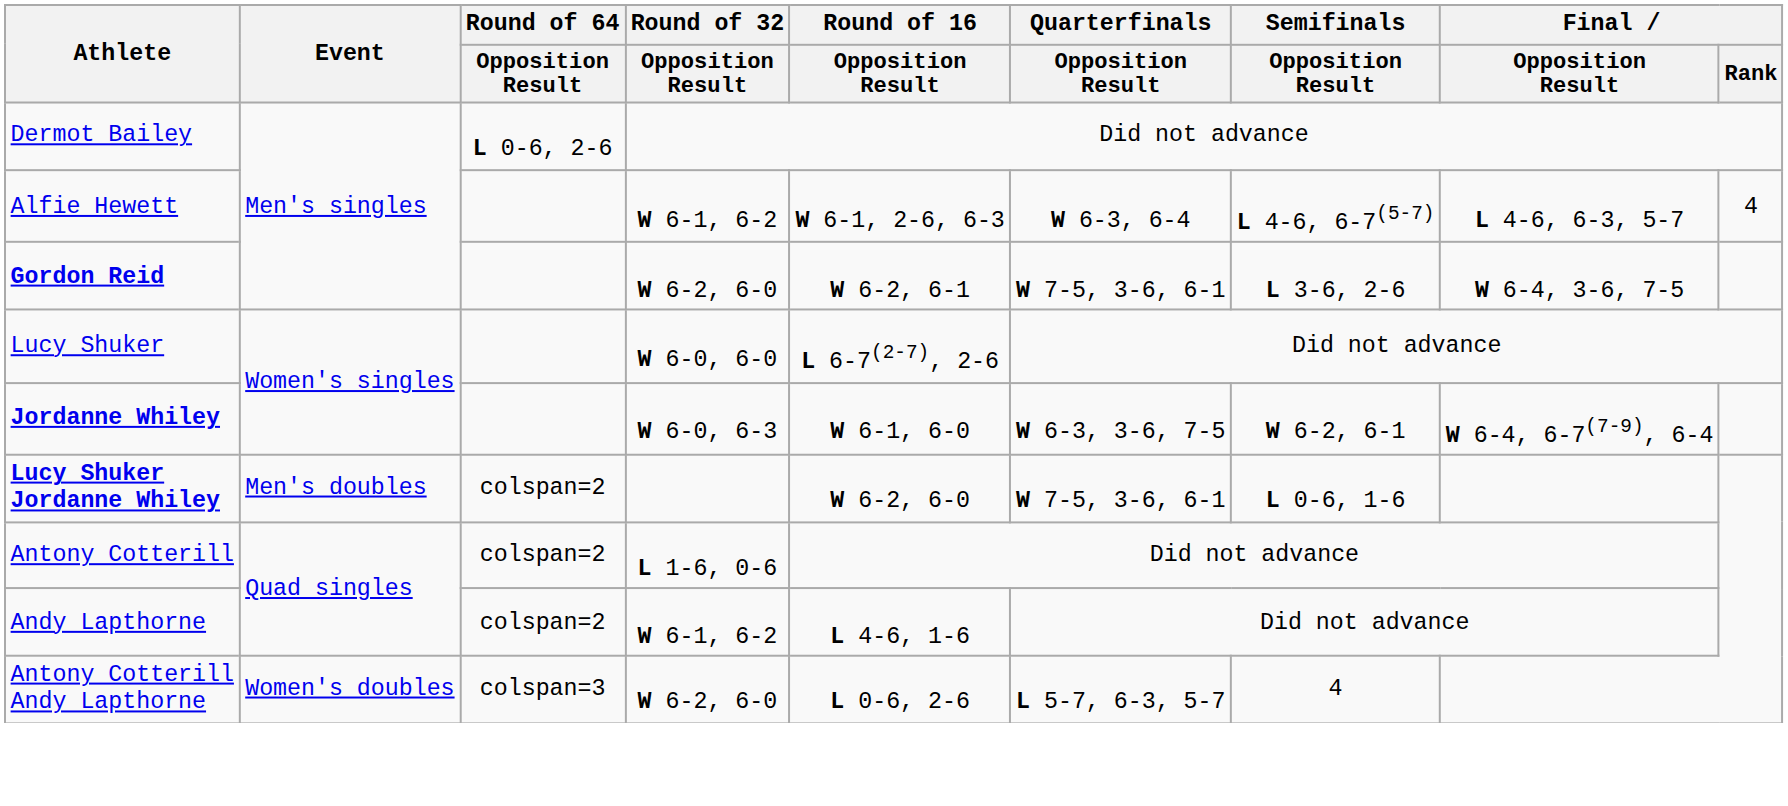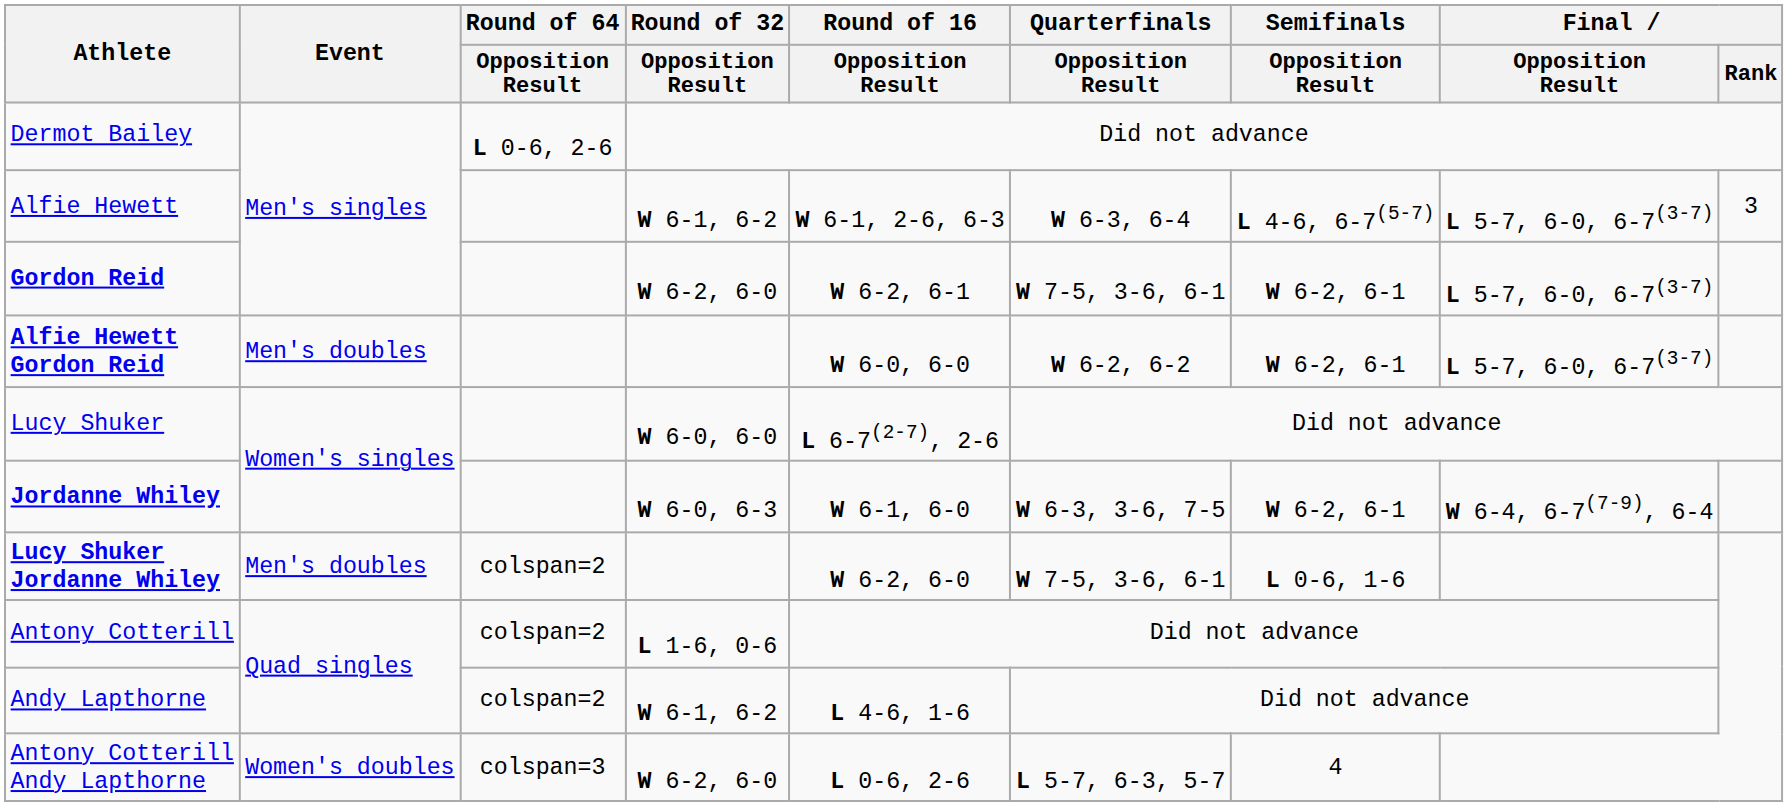 <table class="wikitable" style="font-size:90%;">
 <tr>
 <th rowspan=2>Athlete</th>
 <th rowspan=2>Event</th>
 <th>Round of 64</th>
 <th>Round of 32</th>
 <th>Round of 16</th>
 <th>Quarterfinals</th>
 <th>Semifinals</th>
 <th colspan=2>Final / </th>
 </tr>
 <tr style="font-size:95%">
 <th>Opposition<br>Result</th>
 <th>Opposition<br>Result</th>
 <th>Opposition<br>Result</th>
 <th>Opposition<br>Result</th>
 <th>Opposition<br>Result</th>
 <th>Opposition<br>Result</th>
 <th>Rank</th>
 </tr>
 <tr align=center>
 <td align=left><a href='#'>Dermot Bailey</a></td>
 <td rowspan=3 align=left><a href='#'>Men's singles</a></td>
 <td><br> <strong>L</strong> 0-6, 2-6</td>
 <td colspan=6>Did not advance</td>
 </tr>
 <tr align=center>
 <td align=left><a href='#'>Alfie Hewett</a></td>
 <td></td>
 <td><br> <strong>W</strong> 6-1, 6-2</td>
 <td><br> <strong>W</strong> 6-1, 2-6, 6-3</td>
 <td><br> <strong>W</strong> 6-3, 6-4</td>
 <td><br> <strong>L</strong> 4-6, 6-7<sup>(5-7)</sup></td>
-<td><br> <strong>L</strong> 4-6, 6-3, 5-7</td>
-<td>4</td>
+<td><br> <strong>L</strong> 5-7, 6-0, 6-7<sup>(3-7)</sup></td>
+<td>3</td>
 </tr>
 <tr align=center>
 <td align=left><strong><a href='#'>Gordon Reid</a></strong></td>
 <td></td>
 <td><br> <strong>W</strong> 6-2, 6-0</td>
 <td><br> <strong>W</strong> 6-2, 6-1</td>
 <td><br> <strong>W</strong> 7-5, 3-6, 6-1</td>
-<td><br> <strong>L</strong> 3-6, 2-6</td>
-<td><br> <strong>W</strong> 6-4, 3-6, 7-5</td>
+<td><br> <strong>W</strong> 6-2, 6-1</td>
+<td><br> <strong>L</strong> 5-7, 6-0, 6-7<sup>(3-7)</sup></td>
+<td></td>
+</tr>
+<tr align=center>
+<td align=left><strong><a href='#'>Alfie Hewett</a></strong> <br> <strong><a href='#'>Gordon Reid</a></strong></td>
+<td align=left><a href='#'>Men's doubles</a></td>
+<td></td>
+<td></td>
+<td><br> <strong>W</strong> 6-0, 6-0</td>
+<td><br> <strong>W</strong> 6-2, 6-2</td>
+<td><br> <strong>W</strong> 6-2, 6-1</td>
+<td><br> <strong>L</strong> 5-7, 6-0, 6-7<sup>(3-7)</sup></td>
 <td></td>
 </tr>
 <tr align=center>
 <td align=left><a href='#'>Lucy Shuker</a></td>
 <td rowspan=2 align=left><a href='#'>Women's singles</a></td>
 <td></td>
 <td><br> <strong>W</strong> 6-0, 6-0</td>
 <td><br> <strong>L</strong> 6-7<sup>(2-7)</sup>, 2-6</td>
 <td colspan=4>Did not advance</td>
 </tr>
 <tr align=center>
 <td align=left><strong><a href='#'>Jordanne Whiley</a></strong></td>
 <td></td>
 <td><br> <strong>W</strong> 6-0, 6-3</td>
 <td><br> <strong>W</strong> 6-1, 6-0</td>
 <td><br> <strong>W</strong> 6-3, 3-6, 7-5</td>
 <td><br> <strong>W</strong> 6-2, 6-1</td>
 <td><br> <strong>W</strong> 6-4, 6-7<sup>(7-9)</sup>, 6-4</td>
 <td></td>
 </tr>
 <tr align=center>
 <td align=left><strong><a href='#'>Lucy Shuker</a></strong> <br> <strong><a href='#'>Jordanne Whiley</a></strong></td>
 <td align=left><a href='#'>Men's doubles</a></td>
 <td>colspan=2 </td>
 <td></td>
 <td><br> <strong>W</strong> 6-2, 6-0</td>
 <td><br> <strong>W</strong> 7-5, 3-6, 6-1</td>
 <td><br> <strong>L</strong> 0-6, 1-6</td>
 <td></td>
 </tr>
 <tr align=center>
 <td align=left><a href='#'>Antony Cotterill</a></td>
 <td rowspan=2 align=left><a href='#'>Quad singles</a></td>
 <td>colspan=2 </td>
 <td><br> <strong>L</strong> 1-6, 0-6</td>
 <td colspan=4>Did not advance</td>
 </tr>
 <tr align=center>
 <td align=left><a href='#'>Andy Lapthorne</a></td>
 <td>colspan=2 </td>
 <td><br> <strong>W</strong> 6-1, 6-2</td>
 <td><br> <strong>L</strong> 4-6, 1-6</td>
 <td colspan=3>Did not advance</td>
 </tr>
 <tr align=center>
 <td align=left><a href='#'>Antony Cotterill</a> <br> <a href='#'>Andy Lapthorne</a></td>
 <td align=left><a href='#'>Women's doubles</a></td>
 <td>colspan=3 </td>
 <td><br> <strong>W</strong> 6-2, 6-0</td>
 <td><br> <strong>L</strong> 0-6, 2-6</td>
 <td><br><strong>L</strong> 5-7, 6-3, 5-7</td>
 <td>4</td>
 </tr>
 </table>
